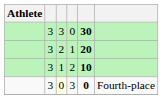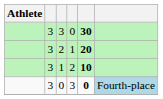 <table class=wikitable style="text-align:center">
 <tr>
 <th>Athlete</th>
 <th></th>
 <th></th>
 <th></th>
 <th></th>
 <th></th>
 </tr>
 <tr bgcolor=bbf3bb>
 <td style="text-align:left"></td>
 <td>3</td>
 <td>3</td>
 <td>0</td>
 <td><strong>30</strong></td>
 <td></td>
 </tr>
 <tr bgcolor=bbf3bb>
 <td style="text-align:left"></td>
 <td>3</td>
 <td>2</td>
 <td>1</td>
 <td><strong>20</strong></td>
 <td></td>
 </tr>
 <tr bgcolor=bbf3bb>
 <td style="text-align:left"></td>
 <td>3</td>
 <td>1</td>
 <td>2</td>
 <td><strong>10</strong></td>
 <td></td>
 </tr>
 <tr>
 <td style="text-align:left"></td>
 <td>3</td>
-<td style="background: lightyellow;">0</td>
+<td>0</td>
 <td>3</td>
 <td><strong>0</strong></td>
-<td>Fourth-place</td>
+<td style="background: lightblue;">Fourth-place</td>
 </tr>
 <tr>
 </tr>
 </table>
